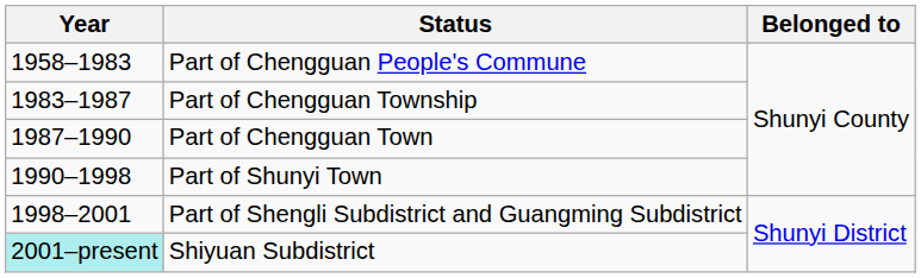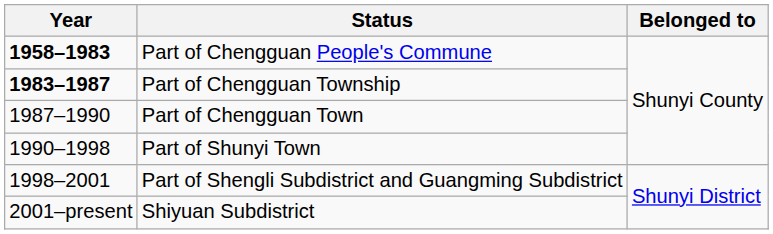 <table class="wikitable">
 <tr>
 <th>Year</th>
 <th>Status</th>
 <th>Belonged to</th>
 </tr>
 <tr>
-<td>1958–1983</td>
+<td><strong>1958–1983</strong></td>
 <td>Part of Chengguan <a href='#'>People's Commune</a></td>
 <td rowspan="4">Shunyi County</td>
 </tr>
 <tr>
-<td>1983–1987</td>
+<td><strong>1983–1987</strong></td>
 <td>Part of Chengguan Township</td>
 </tr>
 <tr>
 <td>1987–1990</td>
 <td>Part of Chengguan Town</td>
 </tr>
 <tr>
 <td>1990–1998</td>
 <td>Part of Shunyi Town</td>
 </tr>
 <tr>
 <td>1998–2001</td>
 <td>Part of Shengli Subdistrict and Guangming Subdistrict</td>
 <td rowspan="2"><a href='#'>Shunyi District</a></td>
 </tr>
 <tr>
-<td style="background: paleturquoise;">2001–present</td>
+<td>2001–present</td>
 <td>Shiyuan Subdistrict</td>
 </tr>
 </table>
